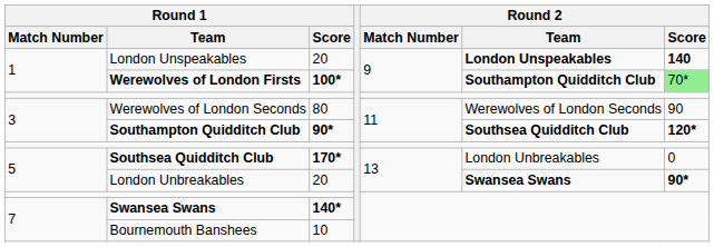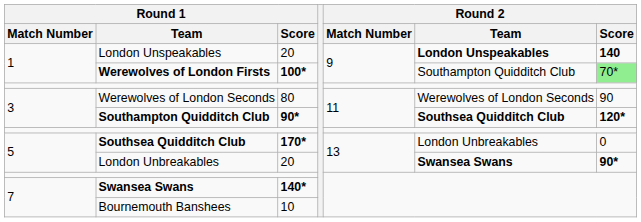 <table class="wikitable">
 <tr>
 <th colspan="3">Round 1</th>
 <th rowspan="13" style="border: none;"></th>
 <th colspan="3">Round 2</th>
 </tr>
 <tr>
 <th>Match Number</th>
 <th>Team</th>
 <th>Score</th>
 <th>Match Number</th>
 <th>Team</th>
 <th>Score</th>
 </tr>
 <tr>
 <td rowspan="2">1</td>
 <td>London Unspeakables</td>
 <td>20</td>
 <td rowspan="2">9</td>
 <td><strong>London Unspeakables</strong></td>
 <td><strong>140</strong></td>
 </tr>
 <tr>
 <td><strong>Werewolves of London Firsts</strong></td>
 <td><strong>100*</strong></td>
-<td><strong>Southampton Quidditch Club</strong></td>
+<td>Southampton Quidditch Club</td>
 <td style="background: lightgreen;">70*</td>
 </tr>
 <tr>
 <td colspan="3"></td>
 <td colspan="3"></td>
 </tr>
 <tr>
 <td rowspan="2">3</td>
 <td>Werewolves of London Seconds</td>
 <td>80</td>
 <td rowspan="2">11</td>
 <td>Werewolves of London Seconds</td>
 <td>90</td>
 </tr>
 <tr>
 <td><strong>Southampton Quidditch Club</strong></td>
 <td><strong>90*</strong></td>
 <td><strong>Southsea Quidditch Club</strong></td>
 <td><strong>120*</strong></td>
 </tr>
 <tr>
 <td colspan="3"></td>
 <td colspan="3"></td>
 </tr>
 <tr>
 <td rowspan="2">5</td>
 <td><strong>Southsea Quidditch Club</strong></td>
 <td><strong>170*</strong></td>
 <td rowspan="2">13</td>
 <td>London Unbreakables</td>
 <td>0</td>
 </tr>
 <tr>
 <td>London Unbreakables</td>
 <td>20</td>
 <td><strong>Swansea Swans</strong></td>
 <td><strong>90*</strong></td>
 </tr>
 <tr>
 <td colspan="3"></td>
 <td colspan="3" rowspan="3"></td>
 </tr>
 <tr>
 <td rowspan="2">7</td>
 <td><strong>Swansea Swans</strong></td>
 <td><strong>140*</strong></td>
 </tr>
 <tr>
 <td>Bournemouth Banshees</td>
 <td>10</td>
 </tr>
 </table>
